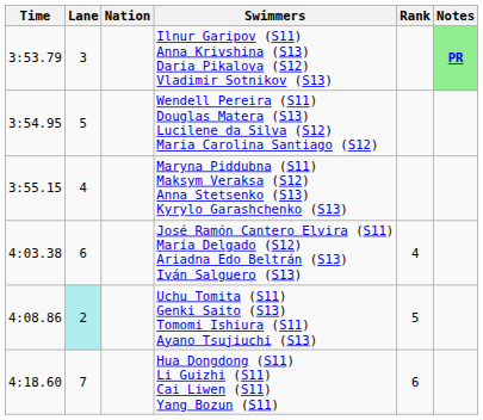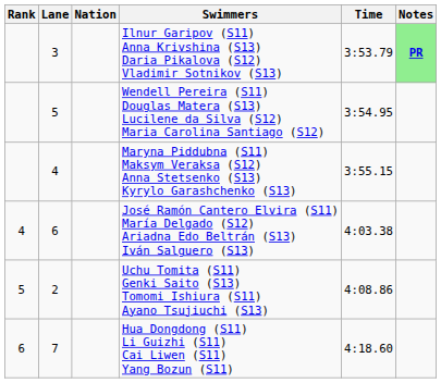 <table class="wikitable sortable" style="text-align:center">
 <tr>
-<th>Time</th>
+<th>Rank</th>
 <th>Lane</th>
 <th>Nation</th>
 <th>Swimmers</th>
-<th>Rank</th>
+<th>Time</th>
 <th>Notes</th>
 </tr>
 <tr>
-<td>3:53.79</td>
+<td></td>
 <td>3</td>
 <td align=left></td>
 <td align=left><a href='#'>Ilnur Garipov</a> (<a href='#'>S11</a>)<br><a href='#'>Anna Krivshina</a> (<a href='#'>S13</a>)<br><a href='#'>Daria Pikalova</a> (<a href='#'>S12</a>)<br><a href='#'>Vladimir Sotnikov</a> (<a href='#'>S13</a>)</td>
-<td></td>
+<td>3:53.79</td>
 <td style="background: lightgreen;"><strong><a href='#'>PR</a></strong></td>
 </tr>
 <tr>
-<td>3:54.95</td>
+<td></td>
 <td>5</td>
 <td align=left></td>
 <td align=left><a href='#'>Wendell Pereira</a> (<a href='#'>S11</a>)<br><a href='#'>Douglas Matera</a> (<a href='#'>S13</a>)<br><a href='#'>Lucilene da Silva</a> (<a href='#'>S12</a>)<br><a href='#'>Maria Carolina Santiago</a> (<a href='#'>S12</a>)</td>
-<td></td>
+<td>3:54.95</td>
 <td></td>
 </tr>
 <tr>
-<td>3:55.15</td>
+<td></td>
 <td>4</td>
 <td align=left></td>
 <td align=left><a href='#'>Maryna Piddubna</a> (<a href='#'>S11</a>)<br><a href='#'>Maksym Veraksa</a> (<a href='#'>S12</a>)<br><a href='#'>Anna Stetsenko</a> (<a href='#'>S13</a>)<br><a href='#'>Kyrylo Garashchenko</a> (<a href='#'>S13</a>)</td>
-<td></td>
+<td>3:55.15</td>
 <td></td>
 </tr>
 <tr>
-<td>4:03.38</td>
+<td>4</td>
 <td>6</td>
 <td align=left></td>
 <td align=left><a href='#'>José Ramón Cantero Elvira</a> (<a href='#'>S11</a>)<br><a href='#'>María Delgado</a> (<a href='#'>S12</a>)<br><a href='#'>Ariadna Edo Beltrán</a> (<a href='#'>S13</a>)<br><a href='#'>Iván Salguero</a> (<a href='#'>S13</a>)</td>
-<td>4</td>
+<td>4:03.38</td>
 <td></td>
 </tr>
 <tr>
-<td>4:08.86</td>
-<td style="background: paleturquoise;">2</td>
+<td>5</td>
+<td>2</td>
 <td align=left></td>
 <td align=left><a href='#'>Uchu Tomita</a> (<a href='#'>S11</a>)<br><a href='#'>Genki Saito</a> (<a href='#'>S13</a>)<br><a href='#'>Tomomi Ishiura</a> (<a href='#'>S11</a>)<br><a href='#'>Ayano Tsujiuchi</a> (<a href='#'>S13</a>)</td>
-<td>5</td>
+<td>4:08.86</td>
 <td></td>
 </tr>
 <tr>
-<td>4:18.60</td>
+<td>6</td>
 <td>7</td>
 <td align=left></td>
 <td align=left><a href='#'>Hua Dongdong</a> (<a href='#'>S11</a>)<br><a href='#'>Li Guizhi</a> (<a href='#'>S11</a>)<br><a href='#'>Cai Liwen</a> (<a href='#'>S11</a>)<br><a href='#'>Yang Bozun</a> (<a href='#'>S11</a>)</td>
-<td>6</td>
+<td>4:18.60</td>
 <td></td>
 </tr>
 </table>
